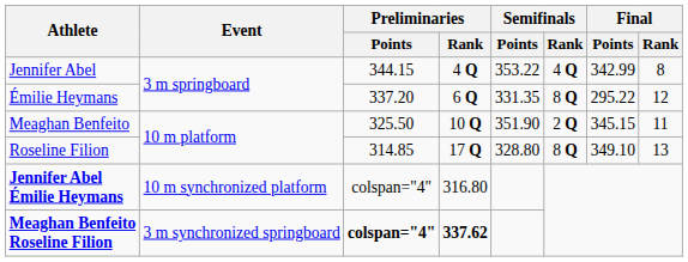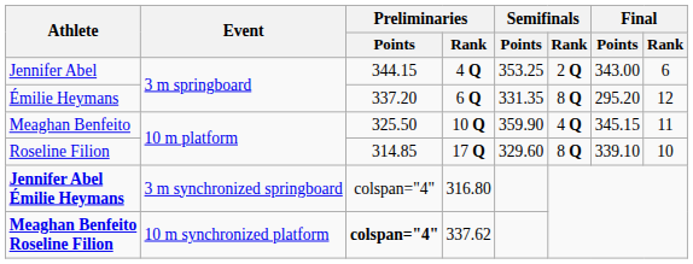 <table class=wikitable style="font-size:90%">
 <tr>
 <th rowspan=2>Athlete</th>
 <th rowspan=2>Event</th>
 <th colspan="2">Preliminaries</th>
 <th colspan="2">Semifinals</th>
 <th colspan="2">Final</th>
 </tr>
 <tr style="font-size:95%">
 <th>Points</th>
 <th>Rank</th>
 <th>Points</th>
 <th>Rank</th>
 <th>Points</th>
 <th>Rank</th>
 </tr>
 <tr align=center>
 <td align=left><a href='#'>Jennifer Abel</a></td>
 <td align=left rowspan=2><a href='#'>3 m springboard</a></td>
 <td>344.15</td>
 <td>4 <strong>Q</strong></td>
-<td>353.22</td>
-<td>4 <strong>Q</strong></td>
-<td>342.99</td>
-<td>8</td>
+<td>353.25</td>
+<td>2 <strong>Q</strong></td>
+<td>343.00</td>
+<td>6</td>
 </tr>
 <tr align=center>
 <td align=left><a href='#'>Émilie Heymans</a></td>
 <td>337.20</td>
 <td>6 <strong>Q</strong></td>
 <td>331.35</td>
 <td>8 <strong>Q</strong></td>
-<td>295.22</td>
+<td>295.20</td>
 <td>12</td>
 </tr>
 <tr align=center>
 <td align=left><a href='#'>Meaghan Benfeito</a></td>
 <td align=left rowspan=2><a href='#'>10 m platform</a></td>
 <td>325.50</td>
 <td>10 <strong>Q</strong></td>
-<td>351.90</td>
-<td>2 <strong>Q</strong></td>
+<td>359.90</td>
+<td>4 <strong>Q</strong></td>
 <td>345.15</td>
 <td>11</td>
 </tr>
 <tr align=center>
 <td align=left><a href='#'>Roseline Filion</a></td>
 <td>314.85</td>
 <td>17 <strong>Q</strong></td>
-<td>328.80</td>
+<td>329.60</td>
 <td>8 <strong>Q</strong></td>
-<td>349.10</td>
-<td>13</td>
+<td>339.10</td>
+<td>10</td>
 </tr>
 <tr align=center>
 <td align=left><strong><a href='#'>Jennifer Abel</a><br> <a href='#'>Émilie Heymans</a></strong></td>
-<td align=left><a href='#'>10 m synchronized platform</a></td>
+<td align=left><a href='#'>3 m synchronized springboard</a></td>
 <td>colspan="4" </td>
 <td>316.80</td>
 <td></td>
 </tr>
 <tr align=center>
 <td align=left><strong><a href='#'>Meaghan Benfeito</a> <br><a href='#'>Roseline Filion</a></strong></td>
-<td align=left><a href='#'>3 m synchronized springboard</a></td>
+<td align=left><a href='#'>10 m synchronized platform</a></td>
 <td><strong>colspan="4" </strong></td>
-<td><strong>337.62</strong></td>
+<td>337.62</td>
 <td></td>
 </tr>
 </table>
